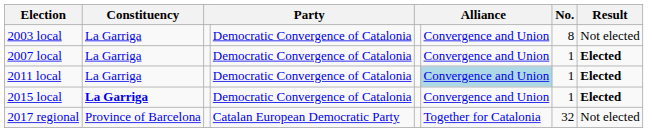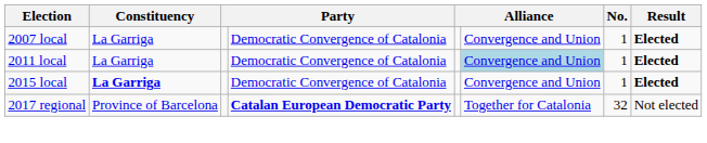 <table class="wikitable" style="text-align:left;">
 <tr>
 <th scope=col>Election</th>
 <th scope=col>Constituency</th>
 <th scope=col colspan="2">Party</th>
 <th scope=col colspan="2">Alliance</th>
 <th scope=col>No.</th>
 <th scope=col>Result</th>
-</tr>
-<tr>
-<td><a href='#'>2003 local</a></td>
-<td><a href='#'>La Garriga</a></td>
-<td style="background:"></td>
-<td><a href='#'>Democratic Convergence of Catalonia</a></td>
-<td style="background:"></td>
-<td><a href='#'>Convergence and Union</a></td>
-<td align=right>8</td>
-<td>Not elected</td>
 </tr>
 <tr>
 <td><a href='#'>2007 local</a></td>
 <td><a href='#'>La Garriga</a></td>
 <td style="background:"></td>
 <td><a href='#'>Democratic Convergence of Catalonia</a></td>
 <td style="background:"></td>
 <td><a href='#'>Convergence and Union</a></td>
 <td align=right>1</td>
 <td><strong>Elected</strong></td>
 </tr>
 <tr>
 <td><a href='#'>2011 local</a></td>
 <td><a href='#'>La Garriga</a></td>
 <td style="background:"></td>
 <td><a href='#'>Democratic Convergence of Catalonia</a></td>
 <td style="background:"></td>
 <td style="background: lightblue;"><a href='#'>Convergence and Union</a></td>
 <td align=right>1</td>
 <td><strong>Elected</strong></td>
 </tr>
 <tr>
 <td><a href='#'>2015 local</a></td>
 <td><strong><a href='#'>La Garriga</a></strong></td>
 <td style="background:"></td>
 <td><a href='#'>Democratic Convergence of Catalonia</a></td>
 <td style="background:"></td>
 <td><a href='#'>Convergence and Union</a></td>
 <td align=right>1</td>
 <td><strong>Elected</strong></td>
 </tr>
 <tr>
 <td><a href='#'>2017 regional</a></td>
 <td><a href='#'>Province of Barcelona</a></td>
 <td style="background:"></td>
-<td><a href='#'>Catalan European Democratic Party</a></td>
+<td><strong><a href='#'>Catalan European Democratic Party</a></strong></td>
 <td style="background:"></td>
 <td><a href='#'>Together for Catalonia</a></td>
 <td align=right>32</td>
 <td>Not elected</td>
 </tr>
 </table>
